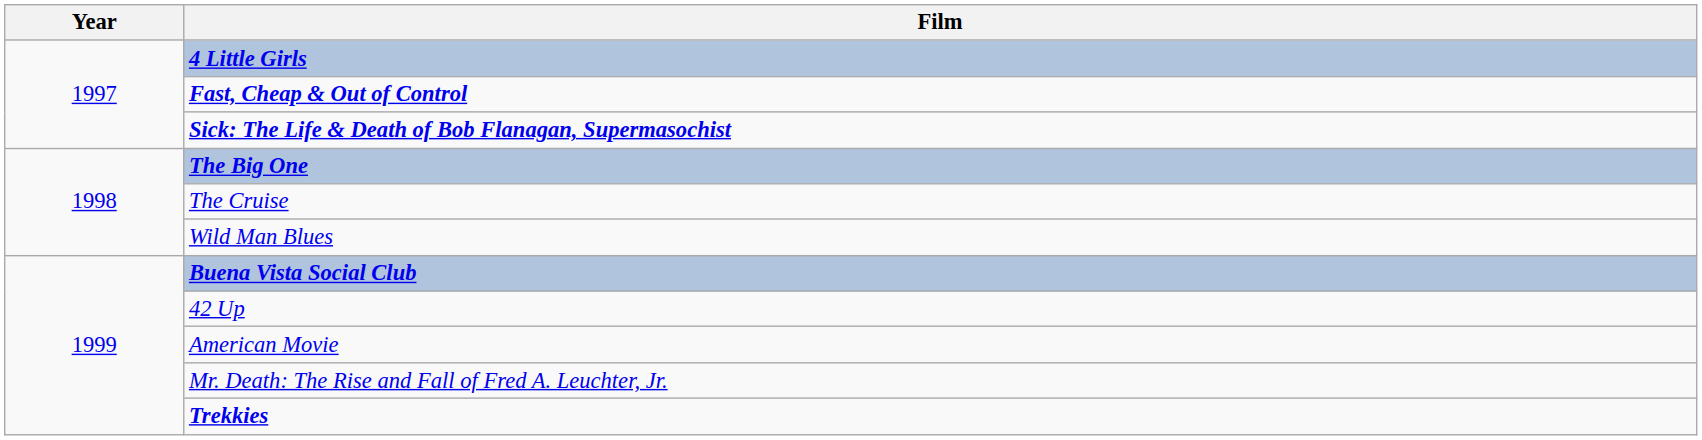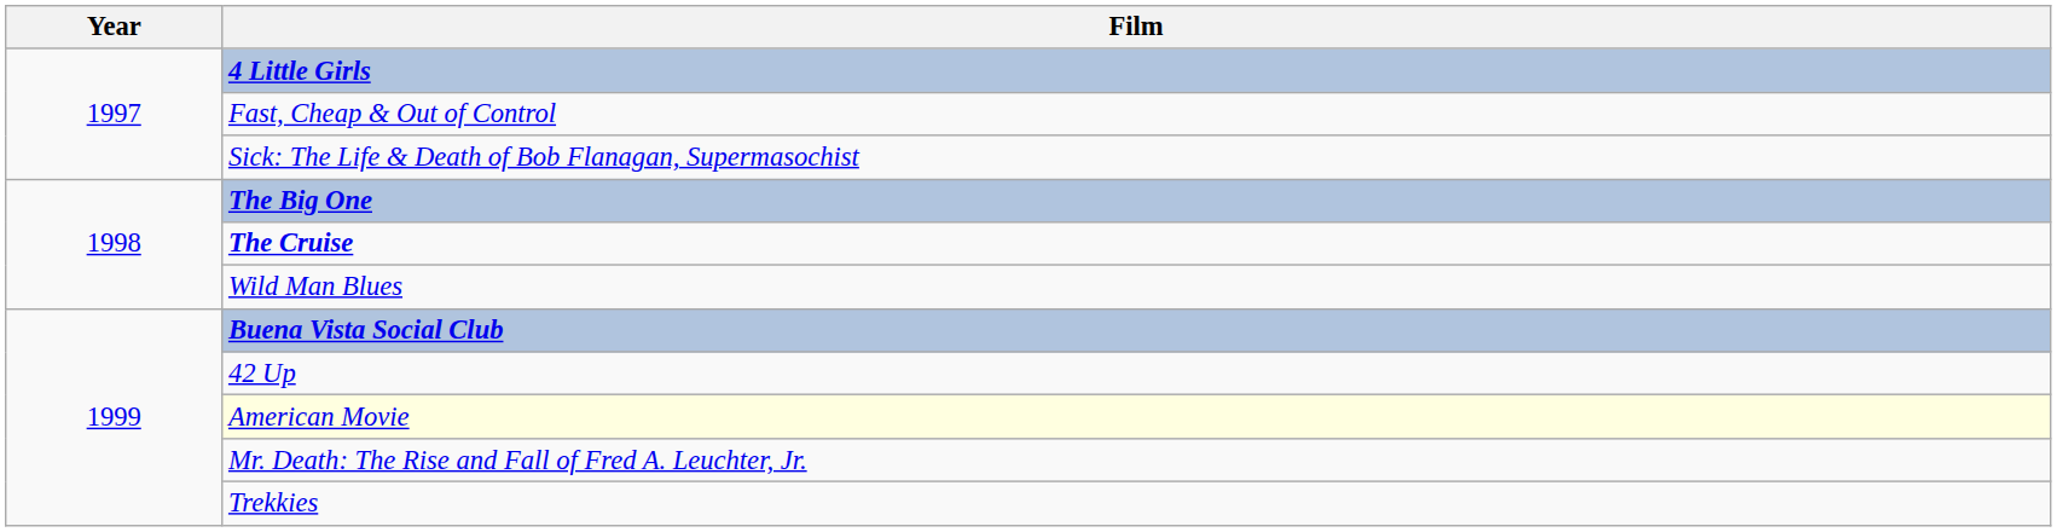 <table class="wikitable" width="95%" cellpadding="5">
 <tr>
 <th width="100"><strong>Year</strong></th>
 <th width="900"><strong>Film</strong></th>
 </tr>
 <tr>
 <td rowspan="3" style="text-align:center;"><a href='#'>1997</a></td>
 <td style="background:#B0C4DE;"><strong><em><a href='#'>4 Little Girls</a></em></strong></td>
 </tr>
 <tr>
-<td><strong><em><a href='#'>Fast, Cheap & Out of Control</a></em></strong></td>
+<td><em><a href='#'>Fast, Cheap & Out of Control</a></em></td>
 </tr>
 <tr>
-<td><strong><em><a href='#'>Sick: The Life & Death of Bob Flanagan, Supermasochist</a></em></strong></td>
+<td><em><a href='#'>Sick: The Life & Death of Bob Flanagan, Supermasochist</a></em></td>
 </tr>
 <tr>
 <td rowspan="3" style="text-align:center;"><a href='#'>1998</a></td>
 <td style="background:#B0C4DE;"><strong><em><a href='#'>The Big One</a></em></strong></td>
 </tr>
 <tr>
-<td><em><a href='#'>The Cruise</a></em></td>
+<td><strong><em><a href='#'>The Cruise</a></em></strong></td>
 </tr>
 <tr>
 <td><em><a href='#'>Wild Man Blues</a></em></td>
 </tr>
 <tr>
 <td rowspan="5" style="text-align:center;"><a href='#'>1999</a></td>
 <td style="background:#B0C4DE;"><strong><em><a href='#'>Buena Vista Social Club</a></em></strong></td>
 </tr>
 <tr>
 <td><em><a href='#'>42 Up</a></em></td>
 </tr>
 <tr>
-<td><em><a href='#'>American Movie</a></em></td>
+<td style="background: lightyellow;"><em><a href='#'>American Movie</a></em></td>
 </tr>
 <tr>
 <td><em><a href='#'>Mr. Death: The Rise and Fall of Fred A. Leuchter, Jr.</a></em></td>
 </tr>
 <tr>
-<td><strong><em><a href='#'>Trekkies</a></em></strong></td>
+<td><em><a href='#'>Trekkies</a></em></td>
 </tr>
 </table>
